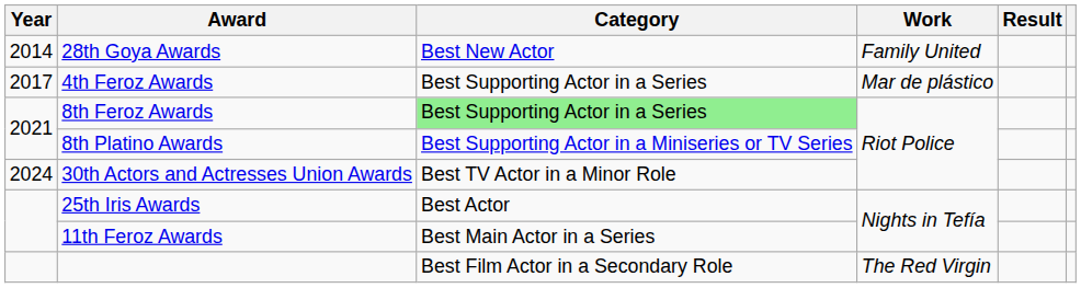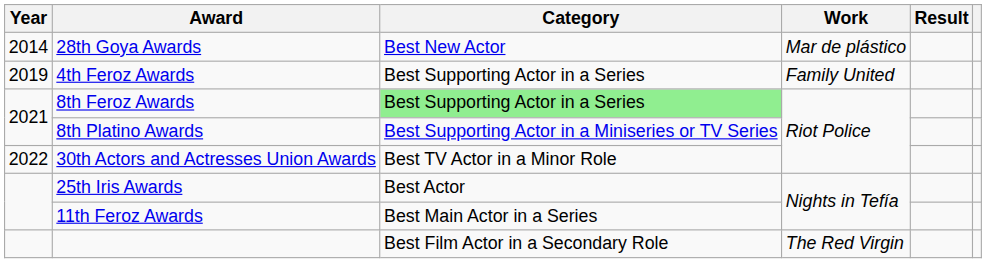 <table class="wikitable sortable plainrowheaders">
 <tr>
 <th>Year</th>
 <th>Award</th>
 <th>Category</th>
 <th>Work</th>
 <th>Result</th>
 <th scope="col" class="unsortable"></th>
 </tr>
 <tr>
 <td align = "center">2014</td>
 <td><a href='#'>28th Goya Awards</a></td>
 <td><a href='#'>Best New Actor</a></td>
-<td><em>Family United</em></td>
+<td><em>Mar de plástico</em></td>
 <td></td>
 <td align="center"></td>
 </tr>
 <tr>
-<td align = "center">2017</td>
+<td align = "center">2019</td>
 <td><a href='#'>4th Feroz Awards</a></td>
 <td>Best Supporting Actor in a Series</td>
-<td><em>Mar de plástico</em></td>
+<td><em>Family United</em></td>
 <td></td>
 <td align = "center"></td>
 </tr>
 <tr>
 <td align = "center" rowspan = "2">2021</td>
 <td><a href='#'>8th Feroz Awards</a></td>
 <td style="background: lightgreen;">Best Supporting Actor in a Series</td>
 <td rowspan = "3"><em>Riot Police</em></td>
 <td></td>
 <td align = "center"></td>
 </tr>
 <tr>
 <td><a href='#'>8th Platino Awards</a></td>
 <td><a href='#'>Best Supporting Actor in a Miniseries or TV Series</a></td>
 <td></td>
 <td align= "center"></td>
 </tr>
 <tr>
-<td align = "center">2024</td>
+<td align = "center">2022</td>
 <td><a href='#'>30th Actors and Actresses Union Awards</a></td>
 <td>Best TV Actor in a Minor Role</td>
 <td></td>
 <td align = "center"></td>
 </tr>
 <tr>
 <td rowspan= "2"></td>
 <td><a href='#'>25th Iris Awards</a></td>
 <td>Best Actor</td>
 <td rowspan = "2"><em>Nights in Tefía</em></td>
 <td></td>
 <td align = "center"></td>
 </tr>
 <tr>
 <td><a href='#'>11th Feroz Awards</a></td>
 <td>Best Main Actor in a Series</td>
 <td></td>
 <td></td>
 </tr>
 <tr>
 <td></td>
 <td></td>
 <td>Best Film Actor in a Secondary Role</td>
 <td><em>The Red Virgin</em></td>
 <td></td>
 <td></td>
 </tr>
 </table>
